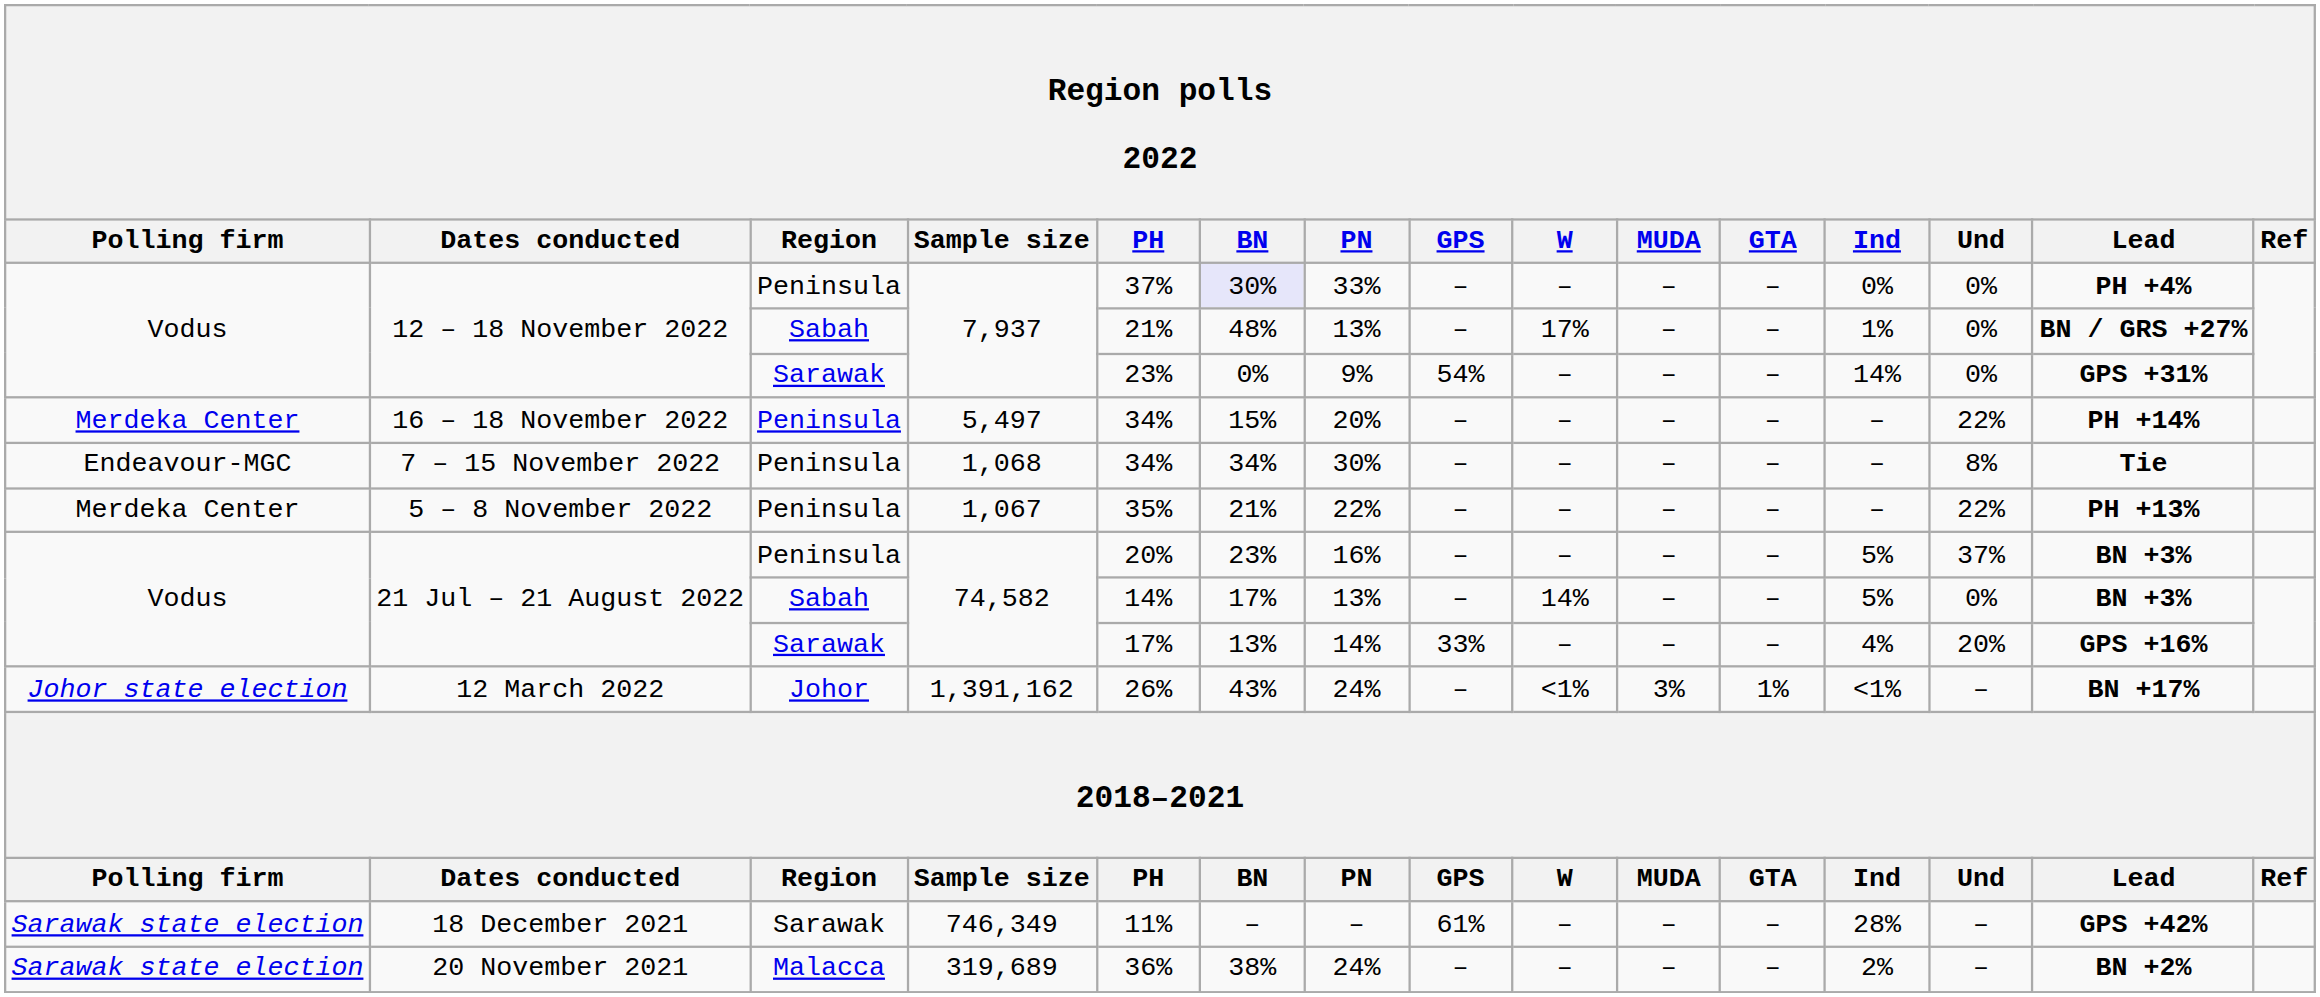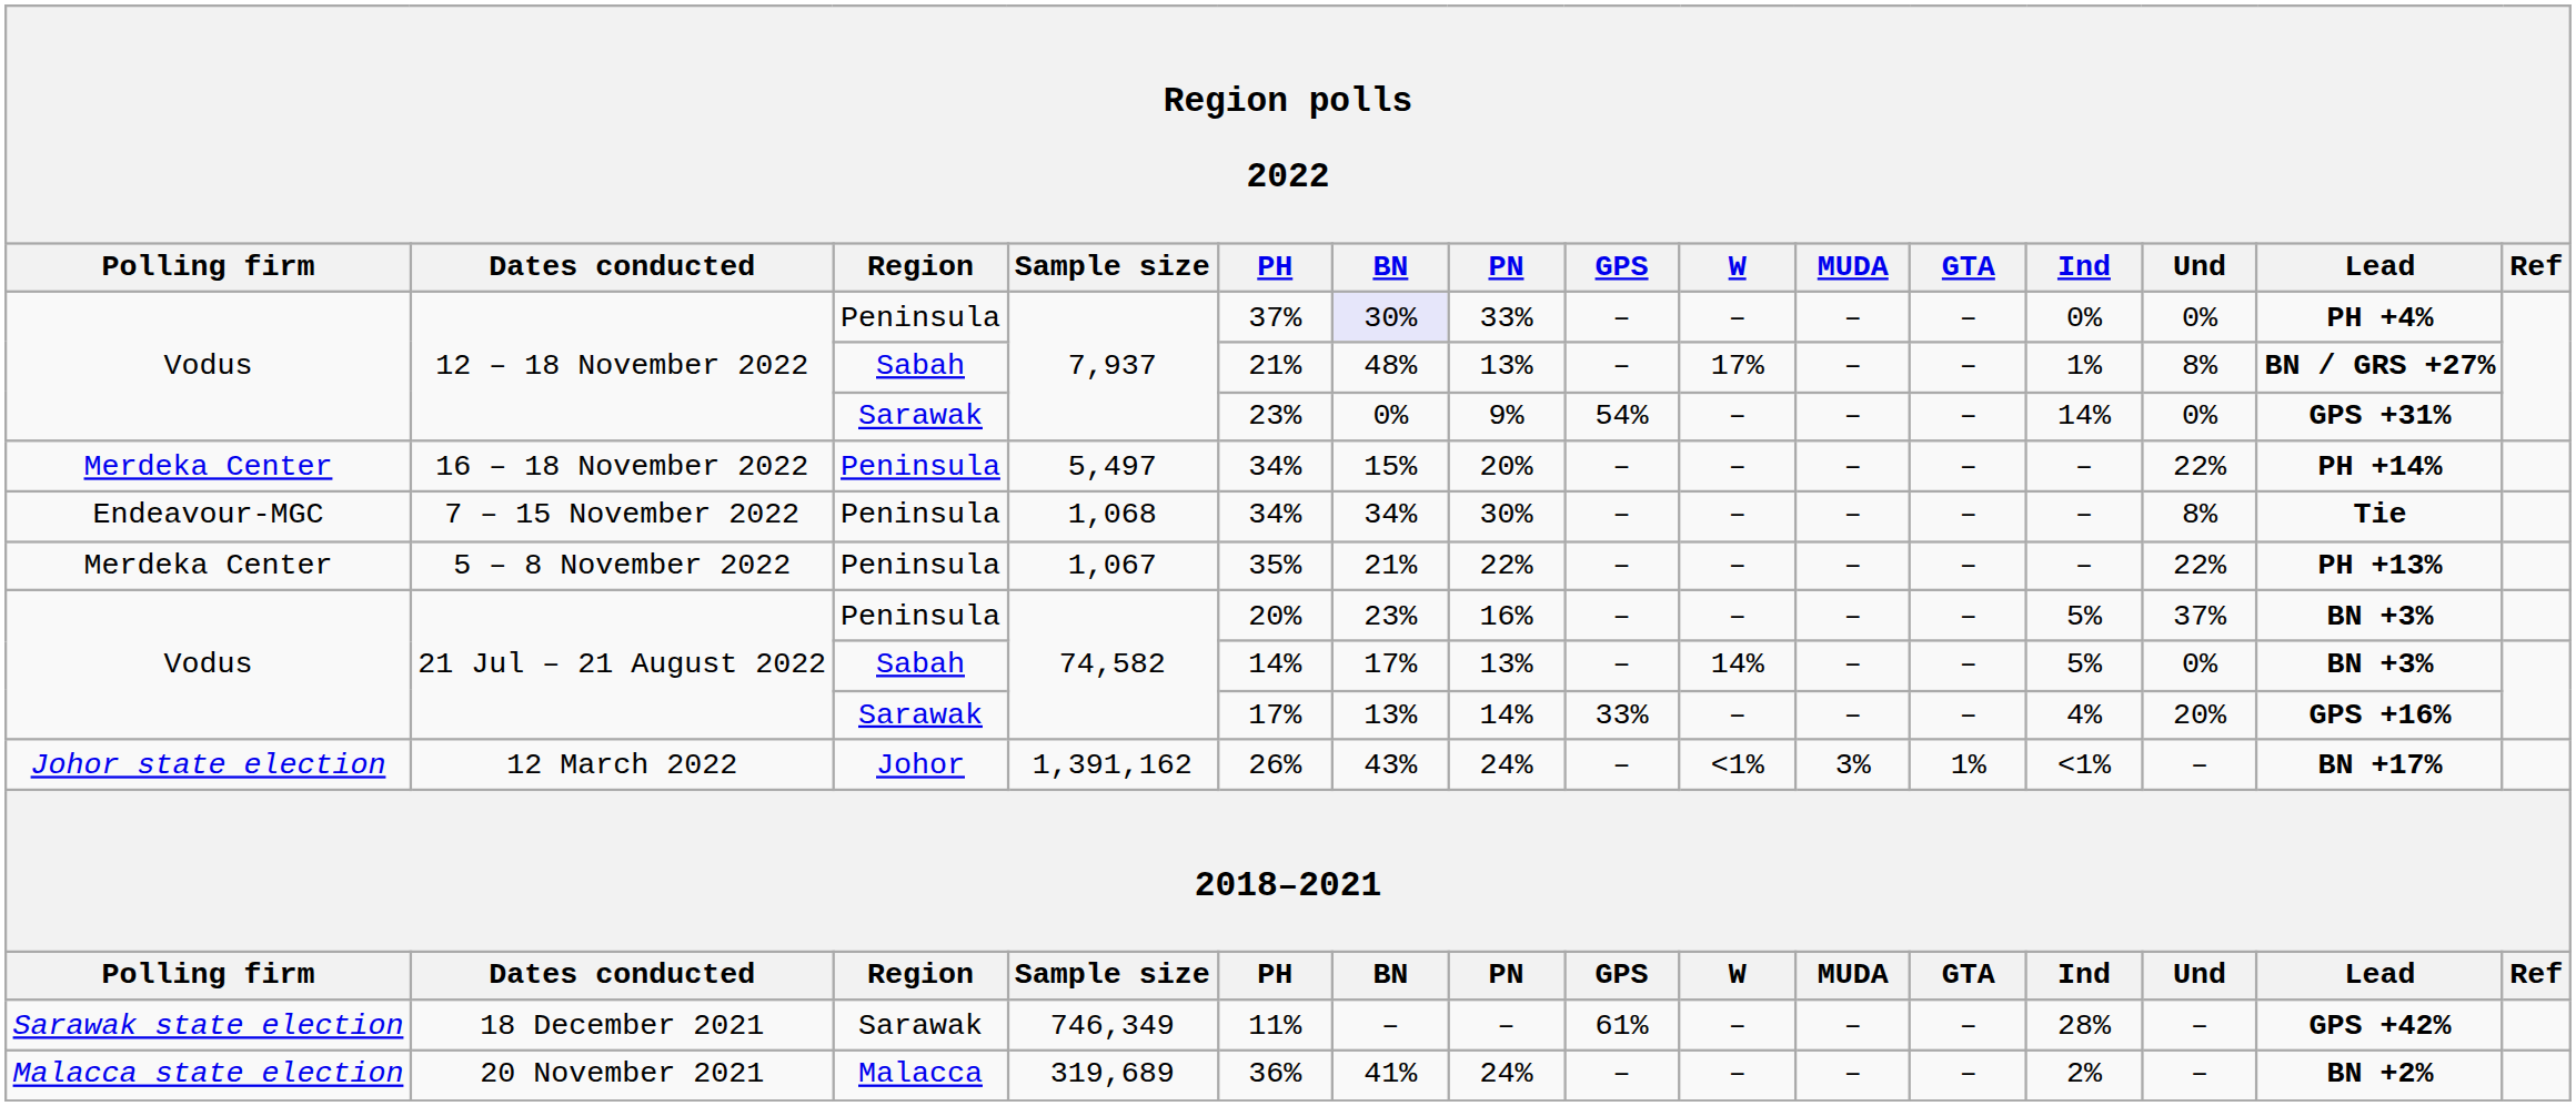 <table class="wikitable unsortable" style="text-align:center ;font-size:90%;line-height:1.2">
 <tr>
 <th colspan=15><br><h3>Region polls</h3><h3>2022</h3></th>
 </tr>
 <tr>
 <th>Polling firm</th>
 <th>Dates conducted</th>
 <th>Region</th>
 <th>Sample size</th>
 <th style=width:40px><a href='#'>PH</a></th>
 <th style=width:40px><a href='#'>BN</a></th>
 <th style=width:40px><a href='#'>PN</a></th>
 <th style=width:40px><a href='#'>GPS</a></th>
 <th style=width:40px><a href='#'>W</a></th>
 <th style=width:40px><a href='#'>MUDA</a></th>
 <th style=width:40px><a href='#'>GTA</a></th>
 <th style=width:40px><a href='#'>Ind</a></th>
 <th style=width:40px>Und</th>
 <th>Lead</th>
 <th>Ref</th>
 </tr>
 <tr>
 <td rowspan="3">Vodus</td>
 <td rowspan="3">12 – 18 November 2022</td>
 <td>Peninsula</td>
 <td rowspan="3">7,937</td>
 <td>37%</td>
 <td style="background: lavender;">30%</td>
 <td>33%</td>
 <td>–</td>
 <td>–</td>
 <td>–</td>
 <td>–</td>
 <td>0%</td>
 <td>0%</td>
 <td><strong>PH +4%</strong></td>
 <td rowspan="3"></td>
 </tr>
 <tr>
 <td><a href='#'>Sabah</a></td>
 <td>21%</td>
 <td>48%</td>
 <td>13%</td>
 <td>–</td>
 <td>17%</td>
 <td>–</td>
 <td>–</td>
 <td>1%</td>
-<td>0%</td>
+<td>8%</td>
 <td><strong>BN / GRS +27%</strong></td>
 </tr>
 <tr>
 <td><a href='#'>Sarawak</a></td>
 <td>23%</td>
 <td>0%</td>
 <td>9%</td>
 <td>54%</td>
 <td>–</td>
 <td>–</td>
 <td>–</td>
 <td>14%</td>
 <td>0%</td>
 <td><strong>GPS +31%</strong></td>
 </tr>
 <tr>
 <td><a href='#'>Merdeka Center</a></td>
 <td>16 – 18 November 2022</td>
 <td><a href='#'>Peninsula</a></td>
 <td>5,497</td>
 <td>34%</td>
 <td>15%</td>
 <td>20%</td>
 <td>–</td>
 <td>–</td>
 <td>–</td>
 <td>–</td>
 <td>–</td>
 <td>22%</td>
 <td><strong>PH +14%</strong></td>
 <td></td>
 </tr>
 <tr>
 <td>Endeavour-MGC</td>
 <td>7 – 15 November 2022</td>
 <td>Peninsula</td>
 <td>1,068</td>
 <td>34%</td>
 <td>34%</td>
 <td>30%</td>
 <td>–</td>
 <td>–</td>
 <td>–</td>
 <td>–</td>
 <td>–</td>
 <td>8%</td>
 <td><strong>Tie</strong></td>
 <td></td>
 </tr>
 <tr>
 <td>Merdeka Center</td>
 <td>5 – 8 November 2022</td>
 <td>Peninsula</td>
 <td>1,067</td>
 <td>35%</td>
 <td>21%</td>
 <td>22%</td>
 <td>–</td>
 <td>–</td>
 <td>–</td>
 <td>–</td>
 <td>–</td>
 <td>22%</td>
 <td><strong>PH +13%</strong></td>
 <td></td>
 </tr>
 <tr>
 <td rowspan="3">Vodus</td>
 <td rowspan="3">21 Jul – 21 August 2022</td>
 <td>Peninsula</td>
 <td rowspan="3">74,582</td>
 <td>20%</td>
 <td>23%</td>
 <td>16%</td>
 <td>–</td>
 <td>–</td>
 <td>–</td>
 <td>–</td>
 <td>5%</td>
 <td>37%</td>
 <td><strong>BN +3%</strong></td>
 <td></td>
 </tr>
 <tr>
 <td><a href='#'>Sabah</a></td>
 <td>14%</td>
 <td>17%</td>
 <td>13%</td>
 <td>–</td>
 <td>14%</td>
 <td>–</td>
 <td>–</td>
 <td>5%</td>
 <td>0%</td>
 <td><strong>BN +3%</strong></td>
 <td rowspan="2"></td>
 </tr>
 <tr>
 <td><a href='#'>Sarawak</a></td>
 <td>17%</td>
 <td>13%</td>
 <td>14%</td>
 <td>33%</td>
 <td>–</td>
 <td>–</td>
 <td>–</td>
 <td>4%</td>
 <td>20%</td>
 <td><strong>GPS +16%</strong></td>
 </tr>
 <tr>
 <td><em><a href='#'>Johor state election</a></em></td>
 <td>12 March 2022</td>
 <td><a href='#'>Johor</a></td>
 <td>1,391,162</td>
 <td>26%</td>
 <td>43%</td>
 <td>24%</td>
 <td>–</td>
 <td><1%</td>
 <td>3%</td>
 <td>1%</td>
 <td><1%</td>
 <td>–</td>
 <td><strong>BN +17%</strong></td>
 <td></td>
 </tr>
 <tr>
 <th colspan="15"><br><h3>2018–2021</h3></th>
 </tr>
 <tr>
 <th>Polling firm</th>
 <th>Dates conducted</th>
 <th>Region</th>
 <th>Sample size</th>
 <th>PH</th>
 <th>BN</th>
 <th>PN</th>
 <th>GPS</th>
 <th>W</th>
 <th>MUDA</th>
 <th>GTA</th>
 <th>Ind</th>
 <th>Und</th>
 <th>Lead</th>
 <th>Ref</th>
 </tr>
 <tr>
 <td><em><a href='#'>Sarawak state election</a></em></td>
 <td>18 December 2021</td>
 <td>Sarawak</td>
 <td>746,349</td>
 <td>11%</td>
 <td>–</td>
 <td>–</td>
 <td>61%</td>
 <td>–</td>
 <td>–</td>
 <td>–</td>
 <td>28%</td>
 <td>–</td>
 <td><strong>GPS +42%</strong></td>
 <td></td>
 </tr>
 <tr>
-<td><em><a href='#'>Sarawak state election</a></em></td>
+<td><em><a href='#'>Malacca state election</a></em></td>
 <td>20 November 2021</td>
 <td><a href='#'>Malacca</a></td>
 <td>319,689</td>
 <td>36%</td>
-<td>38%</td>
+<td>41%</td>
 <td>24%</td>
 <td>–</td>
 <td>–</td>
 <td>–</td>
 <td>–</td>
 <td>2%</td>
 <td>–</td>
 <td><strong>BN +2%</strong></td>
 <td></td>
 </tr>
 <tr>
 </tr>
 </table>
